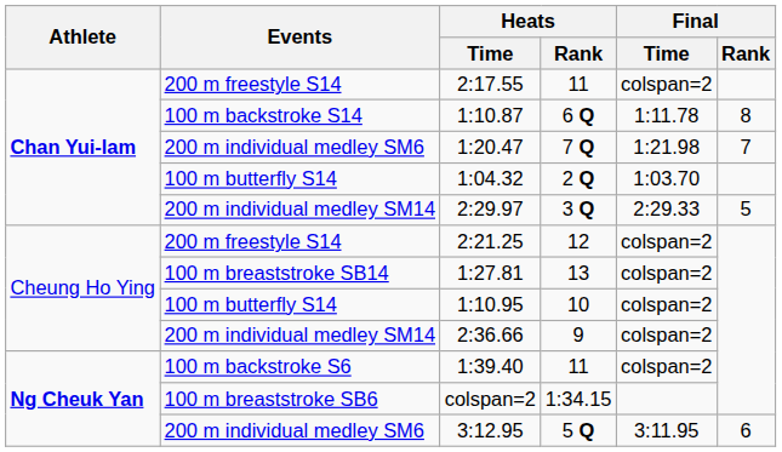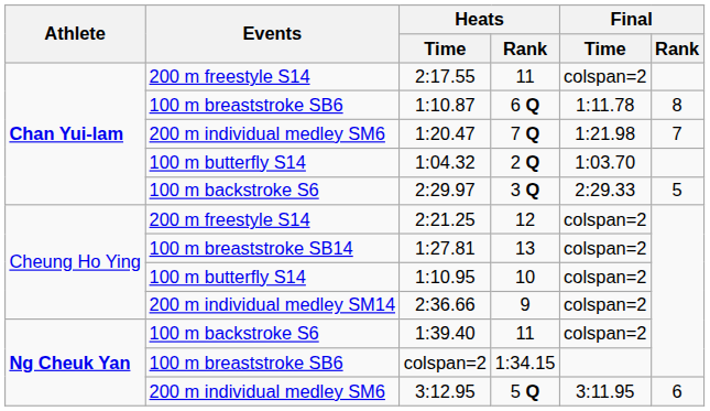 <table class=wikitable style="font-size:90%">
 <tr>
 <th rowspan="2">Athlete</th>
 <th rowspan="2">Events</th>
 <th colspan="2">Heats</th>
 <th colspan="2">Final</th>
 </tr>
 <tr>
 <th>Time</th>
 <th>Rank</th>
 <th>Time</th>
 <th>Rank</th>
 </tr>
 <tr style="text-align:center">
 <td style="text-align:left" rowspan=5><strong><a href='#'>Chan Yui-lam</a></strong></td>
 <td style="text-align:left"><a href='#'>200 m freestyle S14</a></td>
 <td>2:17.55</td>
 <td>11</td>
 <td>colspan=2 </td>
 </tr>
 <tr style="text-align:center">
-<td style="text-align:left"><a href='#'>100 m backstroke S14</a></td>
+<td style="text-align:left"><a href='#'>100 m breaststroke SB6</a></td>
 <td>1:10.87</td>
 <td>6 <strong>Q</strong></td>
 <td>1:11.78</td>
 <td>8</td>
 </tr>
 <tr style="text-align:center">
 <td style="text-align:left"><a href='#'>200 m individual medley SM6</a></td>
 <td>1:20.47</td>
 <td>7 <strong>Q</strong></td>
 <td>1:21.98</td>
 <td>7</td>
 </tr>
 <tr style="text-align:center">
 <td style="text-align:left"><a href='#'>100 m butterfly S14</a></td>
 <td>1:04.32</td>
 <td>2 <strong>Q</strong></td>
 <td>1:03.70</td>
 <td></td>
 </tr>
 <tr style="text-align:center">
-<td style="text-align:left"><a href='#'>200 m individual medley SM14</a></td>
+<td style="text-align:left"><a href='#'>100 m backstroke S6</a></td>
 <td>2:29.97</td>
 <td>3 <strong>Q</strong></td>
 <td>2:29.33</td>
 <td>5</td>
 </tr>
 <tr style="text-align:center">
 <td style="text-align:left" rowspan=4><a href='#'>Cheung Ho Ying</a></td>
 <td style="text-align:left"><a href='#'>200 m freestyle S14</a></td>
 <td>2:21.25</td>
 <td>12</td>
 <td>colspan=2 </td>
 </tr>
 <tr style="text-align:center">
 <td style="text-align:left"><a href='#'>100 m breaststroke SB14</a></td>
 <td>1:27.81</td>
 <td>13</td>
 <td>colspan=2 </td>
 </tr>
 <tr style="text-align:center">
 <td style="text-align:left"><a href='#'>100 m butterfly S14</a></td>
 <td>1:10.95</td>
 <td>10</td>
 <td>colspan=2 </td>
 </tr>
 <tr style="text-align:center">
 <td style="text-align:left"><a href='#'>200 m individual medley SM14</a></td>
 <td>2:36.66</td>
 <td>9</td>
 <td>colspan=2 </td>
 </tr>
 <tr style="text-align:center">
 <td style="text-align:left" rowspan=3><strong><a href='#'>Ng Cheuk Yan</a></strong></td>
 <td style="text-align:left"><a href='#'>100 m backstroke S6</a></td>
 <td>1:39.40</td>
 <td>11</td>
 <td>colspan=2 </td>
 </tr>
 <tr style="text-align:center">
 <td style="text-align:left"><a href='#'>100 m breaststroke SB6</a></td>
 <td>colspan=2 </td>
 <td>1:34.15</td>
 <td></td>
 </tr>
 <tr style="text-align:center">
 <td style="text-align:left"><a href='#'>200 m individual medley SM6</a></td>
 <td>3:12.95</td>
 <td>5 <strong>Q</strong></td>
 <td>3:11.95</td>
 <td>6</td>
 </tr>
 </table>
